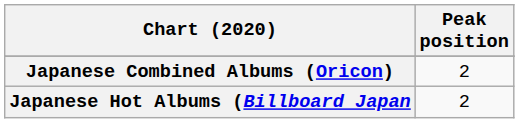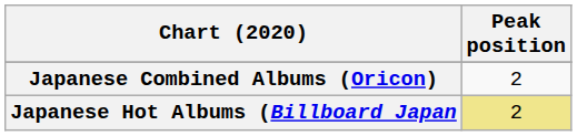 <table class="wikitable sortable plainrowheaders" style="text-align:center;">
 <tr>
 <th scope="col">Chart (2020)</th>
 <th scope="col">Peak<br>position</th>
 </tr>
 <tr>
 </tr>
 <tr>
 <th scope="row">Japanese Combined Albums (<a href='#'>Oricon</a>)</th>
 <td>2</td>
 </tr>
 <tr>
 <th scope="row">Japanese Hot Albums (<em><a href='#'>Billboard Japan</a></em></th>
-<td>2</td>
+<td style="background: khaki;">2</td>
 </tr>
 </table>
